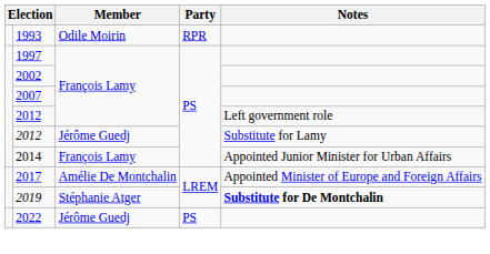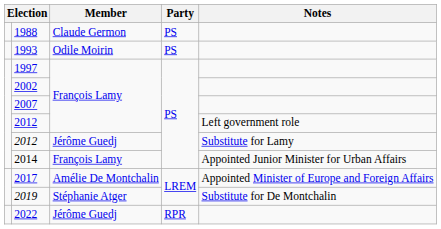 <table class="wikitable">
 <tr>
 <th colspan="2">Election</th>
 <th>Member</th>
 <th>Party</th>
 <th>Notes</th>
 </tr>
 <tr>
 <td style="color:inherit;background-color: "></td>
+<td><a href='#'>1988</a></td>
+<td><a href='#'>Claude Germon</a></td>
+<td><a href='#'>PS</a></td>
+<td></td>
+</tr>
+<tr>
+<td style="color:inherit;background-color: "></td>
 <td><a href='#'>1993</a></td>
 <td><a href='#'>Odile Moirin</a></td>
-<td><a href='#'>RPR</a></td>
+<td><a href='#'>PS</a></td>
 <td></td>
 </tr>
 <tr>
 <td rowspan="6" style="color:inherit;background-color: "></td>
 <td><a href='#'>1997</a></td>
 <td rowspan="4"><a href='#'>François Lamy</a></td>
 <td rowspan="6"><a href='#'>PS</a></td>
 <td></td>
 </tr>
 <tr>
 <td><a href='#'>2002</a></td>
 <td></td>
 </tr>
 <tr>
 <td><a href='#'>2007</a></td>
 <td></td>
 </tr>
 <tr>
 <td><a href='#'>2012</a></td>
 <td>Left government role</td>
 </tr>
 <tr>
 <td><em>2012</em></td>
 <td><a href='#'>Jérôme Guedj</a></td>
 <td><a href='#'>Substitute</a> for Lamy</td>
 </tr>
 <tr>
 <td>2014</td>
 <td><a href='#'>François Lamy</a></td>
 <td>Appointed Junior Minister for Urban Affairs</td>
 </tr>
 <tr>
 <td rowspan="2" style="color:inherit;background-color: "></td>
 <td><a href='#'>2017</a></td>
 <td><a href='#'>Amélie De Montchalin</a></td>
 <td rowspan="2"><a href='#'>LREM</a></td>
 <td>Appointed <a href='#'>Minister of Europe and Foreign Affairs</a></td>
 </tr>
 <tr>
 <td><em>2019</em></td>
 <td><a href='#'>Stéphanie Atger</a></td>
-<td><strong><a href='#'>Substitute</a> for De Montchalin</strong></td>
+<td><a href='#'>Substitute</a> for De Montchalin</td>
 </tr>
 <tr>
 <td style="color:inherit;background-color: "></td>
 <td><a href='#'>2022</a></td>
 <td><a href='#'>Jérôme Guedj</a></td>
-<td><a href='#'>PS</a></td>
+<td><a href='#'>RPR</a></td>
 <td></td>
 </tr>
 </table>
